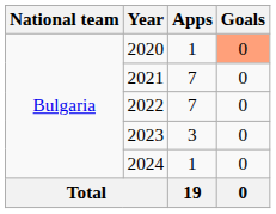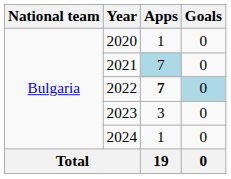 <table class="wikitable" style="text-align:center">
 <tr>
 <th>National team</th>
 <th>Year</th>
 <th>Apps</th>
 <th>Goals</th>
 </tr>
 <tr>
 <td rowspan="5"><a href='#'>Bulgaria</a></td>
 <td>2020</td>
 <td>1</td>
-<td style="background: lightsalmon;">0</td>
+<td>0</td>
 </tr>
 <tr>
 <td>2021</td>
-<td>7</td>
+<td style="background: lightblue;">7</td>
 <td>0</td>
 </tr>
 <tr>
 <td>2022</td>
-<td>7</td>
-<td>0</td>
+<td><strong>7</strong></td>
+<td style="background: lightblue;">0</td>
 </tr>
 <tr>
 <td>2023</td>
 <td>3</td>
 <td>0</td>
 </tr>
 <tr>
 <td>2024</td>
 <td>1</td>
 <td>0</td>
 </tr>
 <tr>
 <th colspan="2">Total</th>
 <th>19</th>
 <th>0</th>
 </tr>
 </table>
